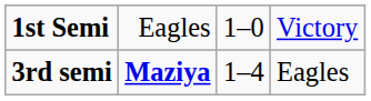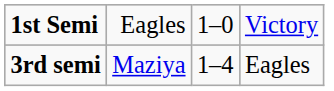 <table class="wikitable" style="font-size:95%">
 <tr>
 <td><strong>1st Semi</strong></td>
 <td align=right>Eagles</td>
 <td>1–0</td>
 <td><a href='#'>Victory</a></td>
 </tr>
 <tr>
 <td><strong>3rd semi</strong></td>
-<td align=right><strong><a href='#'>Maziya</a></strong></td>
+<td align=right><a href='#'>Maziya</a></td>
 <td>1–4</td>
 <td>Eagles</td>
 </tr>
 </table>
